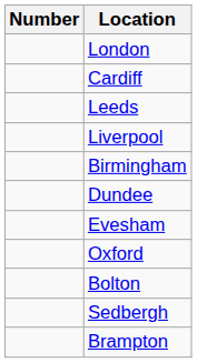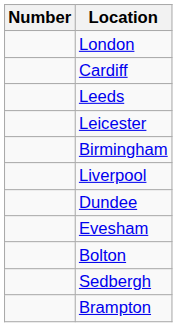 <table class="wikitable">
 <tr>
 <th>Number</th>
 <th>Location</th>
 </tr>
 <tr>
 <td></td>
 <td><a href='#'>London</a></td>
 </tr>
 <tr>
 <td></td>
 <td><a href='#'>Cardiff</a></td>
 </tr>
 <tr>
 <td></td>
 <td><a href='#'>Leeds</a></td>
 </tr>
 <tr>
 <td></td>
-<td><a href='#'>Liverpool</a></td>
+<td><a href='#'>Leicester</a></td>
 </tr>
 <tr>
 <td></td>
 <td><a href='#'>Birmingham</a></td>
+</tr>
+<tr>
+<td></td>
+<td><a href='#'>Liverpool</a></td>
 </tr>
 <tr>
 <td></td>
 <td><a href='#'>Dundee</a></td>
 </tr>
 <tr>
 <td></td>
 <td><a href='#'>Evesham</a></td>
-</tr>
-<tr>
-<td></td>
-<td><a href='#'>Oxford</a></td>
 </tr>
 <tr>
 <td></td>
 <td><a href='#'>Bolton</a></td>
 </tr>
 <tr>
 <td></td>
 <td><a href='#'>Sedbergh</a></td>
 </tr>
 <tr>
 <td></td>
 <td><a href='#'>Brampton</a></td>
 </tr>
 </table>
